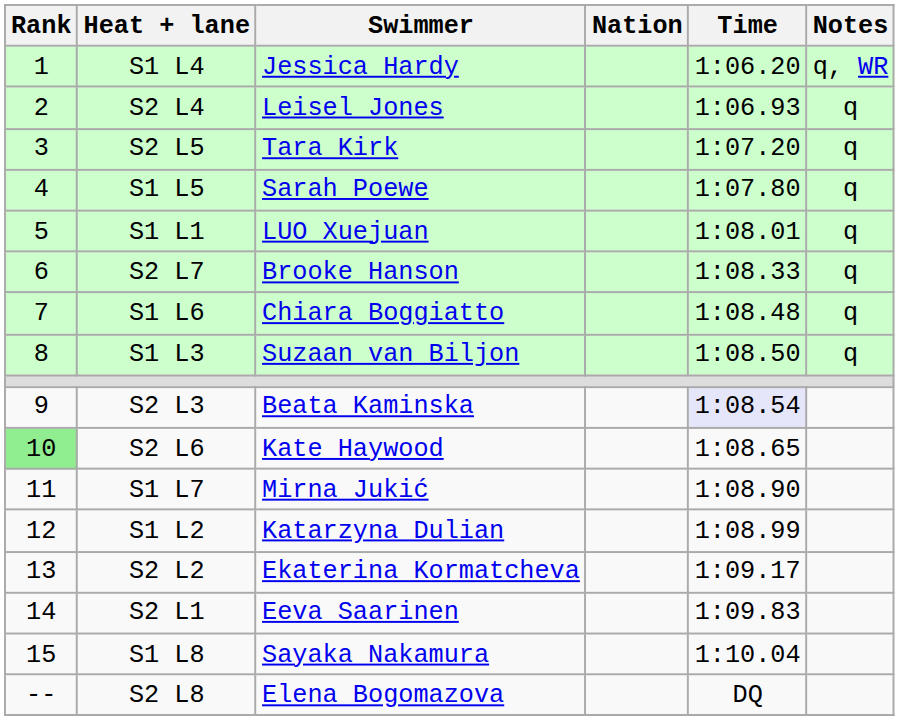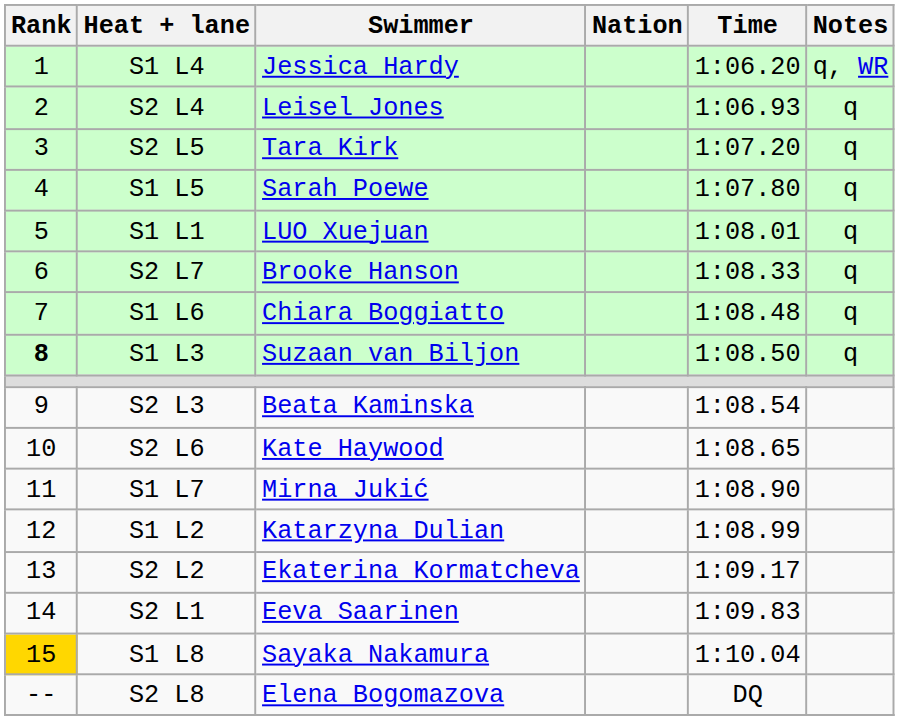 <table class="wikitable sortable" style="text-align:center">
 <tr>
 <th>Rank</th>
 <th>Heat + lane</th>
 <th>Swimmer</th>
 <th>Nation</th>
 <th>Time</th>
 <th>Notes</th>
 </tr>
 <tr bgcolor=ccffcc>
 <td>1</td>
 <td>S1 L4</td>
 <td align=left><a href='#'>Jessica Hardy</a></td>
 <td align=left></td>
 <td>1:06.20</td>
 <td>q, <a href='#'>WR</a></td>
 </tr>
 <tr bgcolor=ccffcc>
 <td>2</td>
 <td>S2 L4</td>
 <td align=left><a href='#'>Leisel Jones</a></td>
 <td align=left></td>
 <td>1:06.93</td>
 <td>q</td>
 </tr>
 <tr bgcolor=ccffcc>
 <td>3</td>
 <td>S2 L5</td>
 <td align=left><a href='#'>Tara Kirk</a></td>
 <td align=left></td>
 <td>1:07.20</td>
 <td>q</td>
 </tr>
 <tr bgcolor=ccffcc>
 <td>4</td>
 <td>S1 L5</td>
 <td align=left><a href='#'>Sarah Poewe</a></td>
 <td align=left></td>
 <td>1:07.80</td>
 <td>q</td>
 </tr>
 <tr bgcolor=ccffcc>
 <td>5</td>
 <td>S1 L1</td>
 <td align=left><a href='#'>LUO Xuejuan</a></td>
 <td align=left></td>
 <td>1:08.01</td>
 <td>q</td>
 </tr>
 <tr bgcolor=ccffcc>
 <td>6</td>
 <td>S2 L7</td>
 <td align=left><a href='#'>Brooke Hanson</a></td>
 <td align=left></td>
 <td>1:08.33</td>
 <td>q</td>
 </tr>
 <tr bgcolor=ccffcc>
 <td>7</td>
 <td>S1 L6</td>
 <td align=left><a href='#'>Chiara Boggiatto</a></td>
 <td align=left></td>
 <td>1:08.48</td>
 <td>q</td>
 </tr>
 <tr bgcolor=ccffcc>
-<td>8</td>
+<td><strong>8</strong></td>
 <td>S1 L3</td>
 <td align=left><a href='#'>Suzaan van Biljon</a></td>
 <td align=left></td>
 <td>1:08.50</td>
 <td>q</td>
 </tr>
 <tr bgcolor=#DDDDDD>
 <td colspan=6></td>
 </tr>
 <tr>
 <td>9</td>
 <td>S2 L3</td>
 <td align=left><a href='#'>Beata Kaminska</a></td>
 <td align=left></td>
-<td style="background: lavender;">1:08.54</td>
+<td>1:08.54</td>
 <td></td>
 </tr>
 <tr>
-<td style="background: lightgreen;">10</td>
+<td>10</td>
 <td>S2 L6</td>
 <td align=left><a href='#'>Kate Haywood</a></td>
 <td align=left></td>
 <td>1:08.65</td>
 <td></td>
 </tr>
 <tr>
 <td>11</td>
 <td>S1 L7</td>
 <td align=left><a href='#'>Mirna Jukić</a></td>
 <td align=left></td>
 <td>1:08.90</td>
 <td></td>
 </tr>
 <tr>
 <td>12</td>
 <td>S1 L2</td>
 <td align=left><a href='#'>Katarzyna Dulian</a></td>
 <td align=left></td>
 <td>1:08.99</td>
 <td></td>
 </tr>
 <tr>
 <td>13</td>
 <td>S2 L2</td>
 <td align=left><a href='#'>Ekaterina Kormatcheva</a></td>
 <td align=left></td>
 <td>1:09.17</td>
 <td></td>
 </tr>
 <tr>
 <td>14</td>
 <td>S2 L1</td>
 <td align=left><a href='#'>Eeva Saarinen</a></td>
 <td align=left></td>
 <td>1:09.83</td>
 <td></td>
 </tr>
 <tr>
-<td>15</td>
+<td style="background: gold;">15</td>
 <td>S1 L8</td>
 <td align=left><a href='#'>Sayaka Nakamura</a></td>
 <td align=left></td>
 <td>1:10.04</td>
 <td></td>
 </tr>
 <tr>
 <td>--</td>
 <td>S2 L8</td>
 <td align=left><a href='#'>Elena Bogomazova</a></td>
 <td align=left></td>
 <td>DQ</td>
 <td></td>
 </tr>
 <tr>
 </tr>
 </table>
